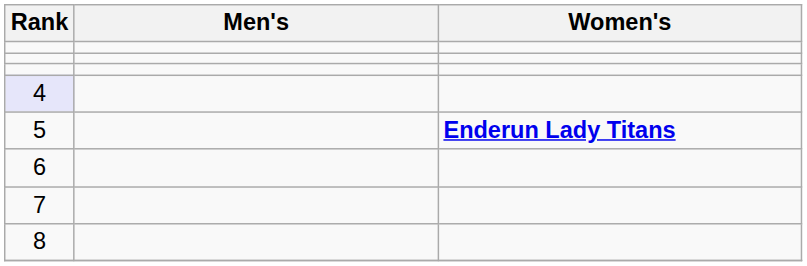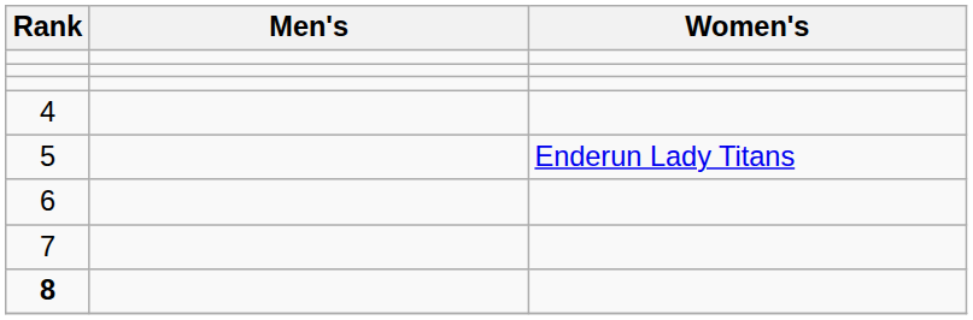 <table class="wikitable" style="text-align: center;">
 <tr>
 <th width=40>Rank</th>
 <th width=240>Men's</th>
 <th width=240>Women's</th>
 </tr>
 <tr>
 <td></td>
 <td align="left"></td>
 <td align="left"></td>
 </tr>
 <tr>
 <td></td>
 <td align="left"></td>
 <td align="left"></td>
 </tr>
 <tr>
 <td></td>
 <td align="left"></td>
 <td align="left"></td>
 </tr>
 <tr>
-<td style="background: lavender;">4</td>
+<td>4</td>
 <td align="left"></td>
 <td align="left"></td>
 </tr>
 <tr>
 <td>5</td>
 <td align="left"></td>
-<td align="left"><strong> <a href='#'>Enderun Lady Titans</a></strong></td>
+<td align="left"> <a href='#'>Enderun Lady Titans</a></td>
 </tr>
 <tr>
 <td>6</td>
 <td align="left"></td>
 <td align="left"></td>
 </tr>
 <tr>
 <td>7</td>
 <td align="left"></td>
 <td align="left"></td>
 </tr>
 <tr>
-<td>8</td>
+<td><strong>8</strong></td>
 <td align="left"></td>
 <td align="left"></td>
 </tr>
 <tr>
 </tr>
 </table>
